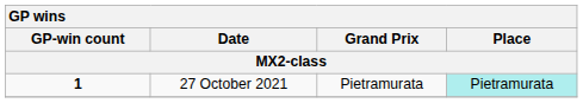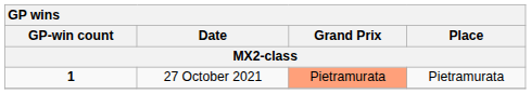 <table class="wikitable mw-collapsible mw-collapsed" style=" text-align:center; width:50%;">
 <tr>
 <th style="text-align:left;" colspan = 10>GP wins</th>
 </tr>
 <tr>
 <th>GP-win count</th>
 <th>Date</th>
 <th>Grand Prix</th>
 <th>Place</th>
 </tr>
 <tr>
 <th Colspan=4>MX2-class</th>
 </tr>
 <tr>
 <td><strong>1</strong></td>
 <td>27 October 2021</td>
+<td style="background: lightsalmon;">Pietramurata</td>
 <td>Pietramurata</td>
-<td style="background: paleturquoise;">Pietramurata</td>
 </tr>
 <tr>
 </tr>
 </table>
